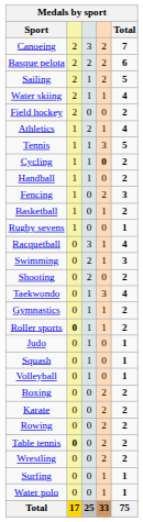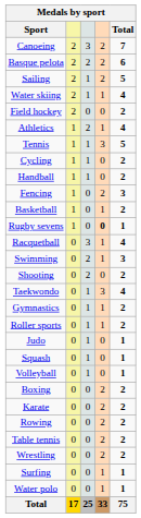 <table class="wikitable" style=font-size:85%;float:right;text-align:center>
 <tr>
 <th colspan=5>Medals by sport</th>
 </tr>
 <tr>
 <th>Sport</th>
 <td bgcolor=F7F6A8></td>
 <td bgcolor=DCE5E5></td>
 <td bgcolor=FFDAB9></td>
 <th>Total</th>
 </tr>
 <tr>
 <td><a href='#'>Canoeing</a></td>
 <td bgcolor=F7F6A8>2</td>
 <td bgcolor=DCE5E5>3</td>
 <td bgcolor=FFDAB9>2</td>
 <td><strong>7</strong></td>
 </tr>
 <tr>
 <td><a href='#'>Basque pelota</a></td>
 <td bgcolor=F7F6A8>2</td>
 <td bgcolor=DCE5E5>2</td>
 <td bgcolor=FFDAB9>2</td>
 <td><strong>6</strong></td>
 </tr>
 <tr>
 <td><a href='#'>Sailing</a></td>
 <td bgcolor=F7F6A8>2</td>
 <td bgcolor=DCE5E5>1</td>
 <td bgcolor=FFDAB9>2</td>
 <td><strong>5</strong></td>
 </tr>
 <tr>
 <td><a href='#'>Water skiing</a></td>
 <td bgcolor=F7F6A8>2</td>
 <td bgcolor=DCE5E5>1</td>
 <td bgcolor=FFDAB9>1</td>
 <td><strong>4</strong></td>
 </tr>
 <tr>
 <td><a href='#'>Field hockey</a></td>
 <td bgcolor=F7F6A8>2</td>
 <td bgcolor=DCE5E5>0</td>
 <td bgcolor=FFDAB9>0</td>
 <td><strong>2</strong></td>
 </tr>
 <tr>
 <td><a href='#'>Athletics</a></td>
 <td bgcolor=F7F6A8>1</td>
 <td bgcolor=DCE5E5>2</td>
 <td bgcolor=FFDAB9>1</td>
 <td><strong>4</strong></td>
 </tr>
 <tr>
 <td><a href='#'>Tennis</a></td>
 <td bgcolor=F7F6A8>1</td>
 <td bgcolor=DCE5E5>1</td>
 <td bgcolor=FFDAB9>3</td>
 <td><strong>5</strong></td>
 </tr>
 <tr>
 <td><a href='#'>Cycling</a></td>
 <td bgcolor=F7F6A8>1</td>
 <td bgcolor=DCE5E5>1</td>
-<td bgcolor=FFDAB9><strong>0</strong></td>
+<td bgcolor=FFDAB9>0</td>
 <td><strong>2</strong></td>
 </tr>
 <tr>
 <td><a href='#'>Handball</a></td>
 <td bgcolor=F7F6A8>1</td>
 <td bgcolor=DCE5E5>1</td>
 <td bgcolor=FFDAB9>0</td>
 <td><strong>2</strong></td>
 </tr>
 <tr>
 <td><a href='#'>Fencing</a></td>
 <td bgcolor=F7F6A8>1</td>
 <td bgcolor=DCE5E5>0</td>
 <td bgcolor=FFDAB9>2</td>
 <td><strong>3</strong></td>
 </tr>
 <tr>
 <td><a href='#'>Basketball</a></td>
 <td bgcolor=F7F6A8>1</td>
 <td bgcolor=DCE5E5>0</td>
 <td bgcolor=FFDAB9>1</td>
 <td><strong>2</strong></td>
 </tr>
 <tr>
 <td><a href='#'>Rugby sevens</a></td>
 <td bgcolor=F7F6A8>1</td>
 <td bgcolor=DCE5E5>0</td>
-<td bgcolor=FFDAB9>0</td>
+<td bgcolor=FFDAB9><strong>0</strong></td>
 <td><strong>1</strong></td>
 </tr>
 <tr>
 <td><a href='#'>Racquetball</a></td>
 <td bgcolor=F7F6A8>0</td>
 <td bgcolor=DCE5E5>3</td>
 <td bgcolor=FFDAB9>1</td>
 <td><strong>4</strong></td>
 </tr>
 <tr>
 <td><a href='#'>Swimming</a></td>
 <td bgcolor=F7F6A8>0</td>
 <td bgcolor=DCE5E5>2</td>
 <td bgcolor=FFDAB9>1</td>
 <td><strong>3</strong></td>
 </tr>
 <tr>
 <td><a href='#'>Shooting</a></td>
 <td bgcolor=F7F6A8>0</td>
 <td bgcolor=DCE5E5>2</td>
 <td bgcolor=FFDAB9>0</td>
 <td><strong>2</strong></td>
 </tr>
 <tr>
 <td><a href='#'>Taekwondo</a></td>
 <td bgcolor=F7F6A8>0</td>
 <td bgcolor=DCE5E5>1</td>
 <td bgcolor=FFDAB9>3</td>
 <td><strong>4</strong></td>
 </tr>
 <tr>
 <td><a href='#'>Gymnastics</a></td>
 <td bgcolor=F7F6A8>0</td>
 <td bgcolor=DCE5E5>1</td>
 <td bgcolor=FFDAB9>1</td>
 <td><strong>2</strong></td>
 </tr>
 <tr>
 <td><a href='#'>Roller sports</a></td>
-<td bgcolor=F7F6A8><strong>0</strong></td>
+<td bgcolor=F7F6A8>0</td>
 <td bgcolor=DCE5E5>1</td>
 <td bgcolor=FFDAB9>1</td>
 <td><strong>2</strong></td>
 </tr>
 <tr>
 <td><a href='#'>Judo</a></td>
 <td bgcolor=F7F6A8>0</td>
 <td bgcolor=DCE5E5>1</td>
 <td bgcolor=FFDAB9>0</td>
 <td><strong>1</strong></td>
 </tr>
 <tr>
 <td><a href='#'>Squash</a></td>
 <td bgcolor=F7F6A8>0</td>
 <td bgcolor=DCE5E5>1</td>
 <td bgcolor=FFDAB9>0</td>
 <td><strong>1</strong></td>
 </tr>
 <tr>
 <td><a href='#'>Volleyball</a></td>
 <td bgcolor=F7F6A8>0</td>
 <td bgcolor=DCE5E5>1</td>
 <td bgcolor=FFDAB9>0</td>
 <td><strong>1</strong></td>
 </tr>
 <tr>
 <td><a href='#'>Boxing</a></td>
 <td bgcolor=F7F6A8>0</td>
 <td bgcolor=DCE5E5>0</td>
 <td bgcolor=FFDAB9>2</td>
 <td><strong>2</strong></td>
 </tr>
 <tr>
 <td><a href='#'>Karate</a></td>
 <td bgcolor=F7F6A8>0</td>
 <td bgcolor=DCE5E5>0</td>
 <td bgcolor=FFDAB9>2</td>
 <td><strong>2</strong></td>
 </tr>
 <tr>
 <td><a href='#'>Rowing</a></td>
 <td bgcolor=F7F6A8>0</td>
 <td bgcolor=DCE5E5>0</td>
 <td bgcolor=FFDAB9>2</td>
 <td><strong>2</strong></td>
 </tr>
 <tr>
 <td><a href='#'>Table tennis</a></td>
-<td bgcolor=F7F6A8><strong>0</strong></td>
+<td bgcolor=F7F6A8>0</td>
 <td bgcolor=DCE5E5>0</td>
 <td bgcolor=FFDAB9>2</td>
 <td><strong>2</strong></td>
 </tr>
 <tr>
 <td><a href='#'>Wrestling</a></td>
 <td bgcolor=F7F6A8>0</td>
 <td bgcolor=DCE5E5>0</td>
 <td bgcolor=FFDAB9>2</td>
 <td><strong>2</strong></td>
 </tr>
 <tr>
 <td><a href='#'>Surfing</a></td>
 <td bgcolor=F7F6A8>0</td>
 <td bgcolor=DCE5E5>0</td>
 <td bgcolor=FFDAB9>1</td>
 <td><strong>1</strong></td>
 </tr>
 <tr>
 <td><a href='#'>Water polo</a></td>
 <td bgcolor=F7F6A8>0</td>
 <td bgcolor=DCE5E5>0</td>
 <td bgcolor=FFDAB9>1</td>
 <td><strong>1</strong></td>
 </tr>
 <tr>
 <th>Total</th>
 <th style=background:gold>17</th>
 <th style=background:silver>25</th>
 <th style=background:#c96>33</th>
 <th>75</th>
 </tr>
 </table>
